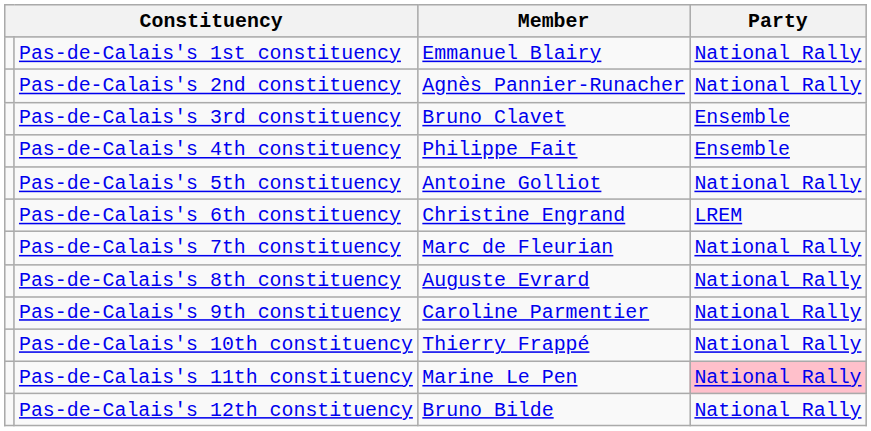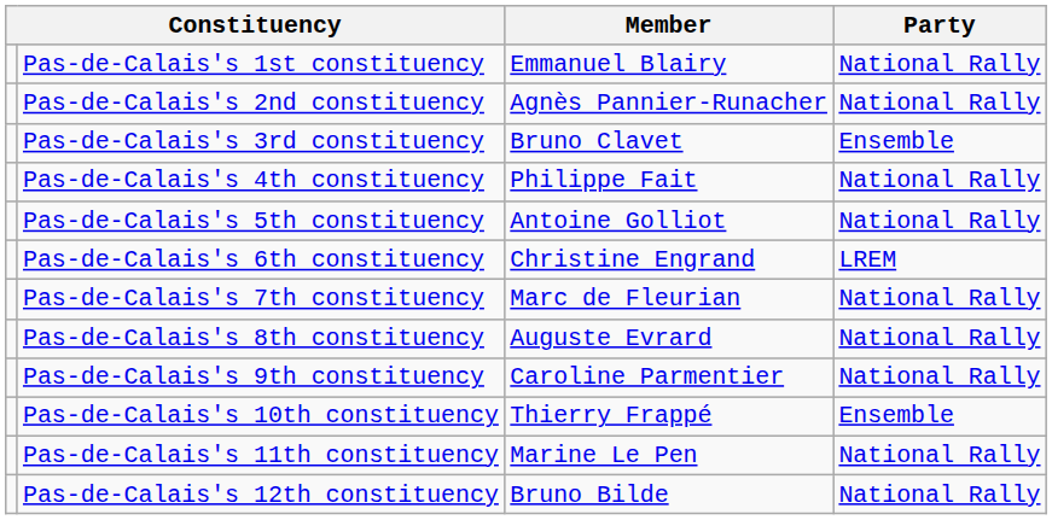 <table class="wikitable">
 <tr>
 <th colspan="2">Constituency</th>
 <th>Member</th>
 <th>Party</th>
 </tr>
 <tr>
 <td style="background-color: "></td>
 <td><a href='#'>Pas-de-Calais's 1st constituency</a></td>
 <td><a href='#'>Emmanuel Blairy</a></td>
 <td><a href='#'>National Rally</a></td>
 </tr>
 <tr>
 <td style="background-color: "></td>
 <td><a href='#'>Pas-de-Calais's 2nd constituency</a></td>
 <td><a href='#'>Agnès Pannier-Runacher</a></td>
 <td><a href='#'>National Rally</a></td>
 </tr>
 <tr>
 <td style="background-color: "></td>
 <td><a href='#'>Pas-de-Calais's 3rd constituency</a></td>
 <td><a href='#'>Bruno Clavet</a></td>
 <td><a href='#'>Ensemble</a></td>
 </tr>
 <tr>
 <td></td>
 <td><a href='#'>Pas-de-Calais's 4th constituency</a></td>
 <td><a href='#'>Philippe Fait</a></td>
-<td><a href='#'>Ensemble</a></td>
+<td><a href='#'>National Rally</a></td>
 </tr>
 <tr>
 <td style="background-color: "></td>
 <td><a href='#'>Pas-de-Calais's 5th constituency</a></td>
 <td><a href='#'>Antoine Golliot</a></td>
 <td><a href='#'>National Rally</a></td>
 </tr>
 <tr>
 <td style="background-color: "></td>
 <td><a href='#'>Pas-de-Calais's 6th constituency</a></td>
 <td><a href='#'>Christine Engrand</a></td>
 <td><a href='#'>LREM</a></td>
 </tr>
 <tr>
 <td style="background-color: "></td>
 <td><a href='#'>Pas-de-Calais's 7th constituency</a></td>
 <td><a href='#'>Marc de Fleurian</a></td>
 <td><a href='#'>National Rally</a></td>
 </tr>
 <tr>
 <td style="background-color: "></td>
 <td><a href='#'>Pas-de-Calais's 8th constituency</a></td>
 <td><a href='#'>Auguste Evrard</a></td>
 <td><a href='#'>National Rally</a></td>
 </tr>
 <tr>
 <td style="background-color: "></td>
 <td><a href='#'>Pas-de-Calais's 9th constituency</a></td>
 <td><a href='#'>Caroline Parmentier</a></td>
 <td><a href='#'>National Rally</a></td>
 </tr>
 <tr>
 <td style="background-color: "></td>
 <td><a href='#'>Pas-de-Calais's 10th constituency</a></td>
 <td><a href='#'>Thierry Frappé</a></td>
-<td><a href='#'>National Rally</a></td>
+<td><a href='#'>Ensemble</a></td>
 </tr>
 <tr>
 <td style="background-color: "></td>
 <td><a href='#'>Pas-de-Calais's 11th constituency</a></td>
 <td><a href='#'>Marine Le Pen</a></td>
-<td style="background: pink;"><a href='#'>National Rally</a></td>
+<td><a href='#'>National Rally</a></td>
 </tr>
 <tr>
 <td style="background-color: "></td>
 <td><a href='#'>Pas-de-Calais's 12th constituency</a></td>
 <td><a href='#'>Bruno Bilde</a></td>
 <td><a href='#'>National Rally</a></td>
 </tr>
 </table>
